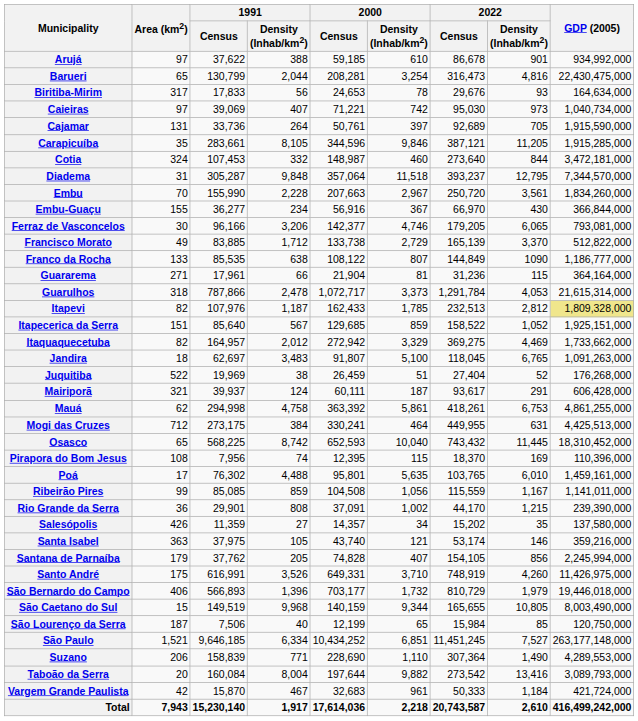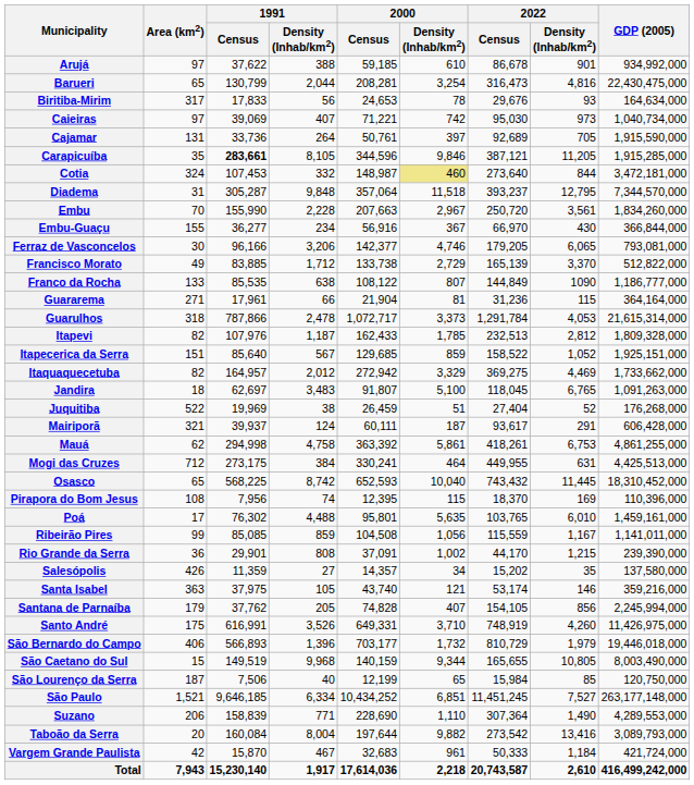 <table class="wikitable sortable mw-collapsible plainrowheaders" style="text-align:right; font-size: 95%;">
 <tr>
 <th scope="col" rowspan=2>Municipality</th>
 <th scope="col" rowspan=2>Area (km<sup>2</sup>)</th>
 <th scope="colgroup" colspan=2>1991</th>
 <th scope="colgroup" colspan=2>2000</th>
 <th scope="colgroup" colspan=2>2022</th>
 <th scope="col" rowspan=2><a href='#'>GDP</a> (2005)</th>
 </tr>
 <tr>
 <th scope="col">Census </th>
 <th scope="col">Density<br>(Inhab/km<sup>2</sup>)</th>
 <th scope="col">Census </th>
 <th scope="col">Density<br>(Inhab/km<sup>2</sup>)</th>
 <th scope="col">Census </th>
 <th scope="col">Density<br>(Inhab/km<sup>2</sup>)</th>
 </tr>
 <tr>
 <th scope="row"><a href='#'>Arujá</a></th>
 <td>97</td>
 <td>37,622</td>
 <td>388</td>
 <td>59,185</td>
 <td>610</td>
 <td>86,678</td>
 <td>901</td>
 <td>934,992,000</td>
 </tr>
 <tr>
 <th scope="row"><a href='#'>Barueri</a></th>
 <td>65</td>
 <td>130,799</td>
 <td>2,044</td>
 <td>208,281</td>
 <td>3,254</td>
 <td>316,473</td>
 <td>4,816</td>
 <td>22,430,475,000</td>
 </tr>
 <tr>
 <th scope="row"><a href='#'>Biritiba-Mirim</a></th>
 <td>317</td>
 <td>17,833</td>
 <td>56</td>
 <td>24,653</td>
 <td>78</td>
 <td>29,676</td>
 <td>93</td>
 <td>164,634,000</td>
 </tr>
 <tr>
 <th scope="row"><a href='#'>Caieiras</a></th>
 <td>97</td>
 <td>39,069</td>
 <td>407</td>
 <td>71,221</td>
 <td>742</td>
 <td>95,030</td>
 <td>973</td>
 <td>1,040,734,000</td>
 </tr>
 <tr>
 <th scope="row"><a href='#'>Cajamar</a></th>
 <td>131</td>
 <td>33,736</td>
 <td>264</td>
 <td>50,761</td>
 <td>397</td>
 <td>92,689</td>
 <td>705</td>
 <td>1,915,590,000</td>
 </tr>
 <tr>
 <th scope="row"><a href='#'>Carapicuíba</a></th>
 <td>35</td>
-<td>283,661</td>
+<td><strong>283,661</strong></td>
 <td>8,105</td>
 <td>344,596</td>
 <td>9,846</td>
 <td>387,121</td>
 <td>11,205</td>
 <td>1,915,285,000</td>
 </tr>
 <tr>
 <th scope="row"><a href='#'>Cotia</a></th>
 <td>324</td>
 <td>107,453</td>
 <td>332</td>
 <td>148,987</td>
-<td>460</td>
+<td style="background: khaki;">460</td>
 <td>273,640</td>
 <td>844</td>
 <td>3,472,181,000</td>
 </tr>
 <tr>
 <th scope="row"><a href='#'>Diadema</a></th>
 <td>31</td>
 <td>305,287</td>
 <td>9,848</td>
 <td>357,064</td>
 <td>11,518</td>
 <td>393,237</td>
 <td>12,795</td>
 <td>7,344,570,000</td>
 </tr>
 <tr>
 <th scope="row"><a href='#'>Embu</a></th>
 <td>70</td>
 <td>155,990</td>
 <td>2,228</td>
 <td>207,663</td>
 <td>2,967</td>
 <td>250,720</td>
 <td>3,561</td>
 <td>1,834,260,000</td>
 </tr>
 <tr>
 <th scope="row"><a href='#'>Embu-Guaçu</a></th>
 <td>155</td>
 <td>36,277</td>
 <td>234</td>
 <td>56,916</td>
 <td>367</td>
 <td>66,970</td>
 <td>430</td>
 <td>366,844,000</td>
 </tr>
 <tr>
 <th scope="row"><a href='#'>Ferraz de Vasconcelos</a></th>
 <td>30</td>
 <td>96,166</td>
 <td>3,206</td>
 <td>142,377</td>
 <td>4,746</td>
 <td>179,205</td>
 <td>6,065</td>
 <td>793,081,000</td>
 </tr>
 <tr>
 <th scope="row"><a href='#'>Francisco Morato</a></th>
 <td>49</td>
 <td>83,885</td>
 <td>1,712</td>
 <td>133,738</td>
 <td>2,729</td>
 <td>165,139</td>
 <td>3,370</td>
 <td>512,822,000</td>
 </tr>
 <tr>
 <th scope="row"><a href='#'>Franco da Rocha</a></th>
 <td>133</td>
 <td>85,535</td>
 <td>638</td>
 <td>108,122</td>
 <td>807</td>
 <td>144,849</td>
 <td>1090</td>
 <td>1,186,777,000</td>
 </tr>
 <tr>
 <th scope="row"><a href='#'>Guararema</a></th>
 <td>271</td>
 <td>17,961</td>
 <td>66</td>
 <td>21,904</td>
 <td>81</td>
 <td>31,236</td>
 <td>115</td>
 <td>364,164,000</td>
 </tr>
 <tr>
 <th scope="row"><a href='#'>Guarulhos</a></th>
 <td>318</td>
 <td>787,866</td>
 <td>2,478</td>
 <td>1,072,717</td>
 <td>3,373</td>
 <td>1,291,784</td>
 <td>4,053</td>
 <td>21,615,314,000</td>
 </tr>
 <tr>
 <th scope="row"><a href='#'>Itapevi</a></th>
 <td>82</td>
 <td>107,976</td>
 <td>1,187</td>
 <td>162,433</td>
 <td>1,785</td>
 <td>232,513</td>
 <td>2,812</td>
-<td style="background: khaki;">1,809,328,000</td>
+<td>1,809,328,000</td>
 </tr>
 <tr>
 <th scope="row"><a href='#'>Itapecerica da Serra</a></th>
 <td>151</td>
 <td>85,640</td>
 <td>567</td>
 <td>129,685</td>
 <td>859</td>
 <td>158,522</td>
 <td>1,052</td>
 <td>1,925,151,000</td>
 </tr>
 <tr>
 <th scope="row"><a href='#'>Itaquaquecetuba</a></th>
 <td>82</td>
 <td>164,957</td>
 <td>2,012</td>
 <td>272,942</td>
 <td>3,329</td>
 <td>369,275</td>
 <td>4,469</td>
 <td>1,733,662,000</td>
 </tr>
 <tr>
 <th scope="row"><a href='#'>Jandira</a></th>
 <td>18</td>
 <td>62,697</td>
 <td>3,483</td>
 <td>91,807</td>
 <td>5,100</td>
 <td>118,045</td>
 <td>6,765</td>
 <td>1,091,263,000</td>
 </tr>
 <tr>
 <th scope="row"><a href='#'>Juquitiba</a></th>
 <td>522</td>
 <td>19,969</td>
 <td>38</td>
 <td>26,459</td>
 <td>51</td>
 <td>27,404</td>
 <td>52</td>
 <td>176,268,000</td>
 </tr>
 <tr>
 <th scope="row"><a href='#'>Mairiporã</a></th>
 <td>321</td>
 <td>39,937</td>
 <td>124</td>
 <td>60,111</td>
 <td>187</td>
 <td>93,617</td>
 <td>291</td>
 <td>606,428,000</td>
 </tr>
 <tr>
 <th scope="row"><a href='#'>Mauá</a></th>
 <td>62</td>
 <td>294,998</td>
 <td>4,758</td>
 <td>363,392</td>
 <td>5,861</td>
 <td>418,261</td>
 <td>6,753</td>
 <td>4,861,255,000</td>
 </tr>
 <tr>
 <th scope="row"><a href='#'>Mogi das Cruzes</a></th>
 <td>712</td>
 <td>273,175</td>
 <td>384</td>
 <td>330,241</td>
 <td>464</td>
 <td>449,955</td>
 <td>631</td>
 <td>4,425,513,000</td>
 </tr>
 <tr>
 <th scope="row"><a href='#'>Osasco</a></th>
 <td>65</td>
 <td>568,225</td>
 <td>8,742</td>
 <td>652,593</td>
 <td>10,040</td>
 <td>743,432</td>
 <td>11,445</td>
 <td>18,310,452,000</td>
 </tr>
 <tr>
 <th scope="row"><a href='#'>Pirapora do Bom Jesus</a></th>
 <td>108</td>
 <td>7,956</td>
 <td>74</td>
 <td>12,395</td>
 <td>115</td>
 <td>18,370</td>
 <td>169</td>
 <td>110,396,000</td>
 </tr>
 <tr>
 <th scope="row"><a href='#'>Poá</a></th>
 <td>17</td>
 <td>76,302</td>
 <td>4,488</td>
 <td>95,801</td>
 <td>5,635</td>
 <td>103,765</td>
 <td>6,010</td>
 <td>1,459,161,000</td>
 </tr>
 <tr>
 <th scope="row"><a href='#'>Ribeirão Pires</a></th>
 <td>99</td>
 <td>85,085</td>
 <td>859</td>
 <td>104,508</td>
 <td>1,056</td>
 <td>115,559</td>
 <td>1,167</td>
 <td>1,141,011,000</td>
 </tr>
 <tr>
 <th scope="row"><a href='#'>Rio Grande da Serra</a></th>
 <td>36</td>
 <td>29,901</td>
 <td>808</td>
 <td>37,091</td>
 <td>1,002</td>
 <td>44,170</td>
 <td>1,215</td>
 <td>239,390,000</td>
 </tr>
 <tr>
 <th scope="row"><a href='#'>Salesópolis</a></th>
 <td>426</td>
 <td>11,359</td>
 <td>27</td>
 <td>14,357</td>
 <td>34</td>
 <td>15,202</td>
 <td>35</td>
 <td>137,580,000</td>
 </tr>
 <tr>
 <th scope="row"><a href='#'>Santa Isabel</a></th>
 <td>363</td>
 <td>37,975</td>
 <td>105</td>
 <td>43,740</td>
 <td>121</td>
 <td>53,174</td>
 <td>146</td>
 <td>359,216,000</td>
 </tr>
 <tr>
 <th scope="row"><a href='#'>Santana de Parnaíba</a></th>
 <td>179</td>
 <td>37,762</td>
 <td>205</td>
 <td>74,828</td>
 <td>407</td>
 <td>154,105</td>
 <td>856</td>
 <td>2,245,994,000</td>
 </tr>
 <tr>
 <th scope="row"><a href='#'>Santo André</a></th>
 <td>175</td>
 <td>616,991</td>
 <td>3,526</td>
 <td>649,331</td>
 <td>3,710</td>
 <td>748,919</td>
 <td>4,260</td>
 <td>11,426,975,000</td>
 </tr>
 <tr>
 <th scope="row"><a href='#'>São Bernardo do Campo</a></th>
 <td>406</td>
 <td>566,893</td>
 <td>1,396</td>
 <td>703,177</td>
 <td>1,732</td>
 <td>810,729</td>
 <td>1,979</td>
 <td>19,446,018,000</td>
 </tr>
 <tr>
 <th scope="row"><a href='#'>São Caetano do Sul</a></th>
 <td>15</td>
 <td>149,519</td>
 <td>9,968</td>
 <td>140,159</td>
 <td>9,344</td>
 <td>165,655</td>
 <td>10,805</td>
 <td>8,003,490,000</td>
 </tr>
 <tr>
 <th scope="row"><a href='#'>São Lourenço da Serra</a></th>
 <td>187</td>
 <td>7,506</td>
 <td>40</td>
 <td>12,199</td>
 <td>65</td>
 <td>15,984</td>
 <td>85</td>
 <td>120,750,000</td>
 </tr>
 <tr>
 <th scope="row"><a href='#'>São Paulo</a></th>
 <td>1,521</td>
 <td>9,646,185</td>
 <td>6,334</td>
 <td>10,434,252</td>
 <td>6,851</td>
 <td>11,451,245</td>
 <td>7,527</td>
 <td>263,177,148,000</td>
 </tr>
 <tr>
 <th scope="row"><a href='#'>Suzano</a></th>
 <td>206</td>
 <td>158,839</td>
 <td>771</td>
 <td>228,690</td>
 <td>1,110</td>
 <td>307,364</td>
 <td>1,490</td>
 <td>4,289,553,000</td>
 </tr>
 <tr>
 <th scope="row"><a href='#'>Taboão da Serra</a></th>
 <td>20</td>
 <td>160,084</td>
 <td>8,004</td>
 <td>197,644</td>
 <td>9,882</td>
 <td>273,542</td>
 <td>13,416</td>
 <td>3,089,793,000</td>
 </tr>
 <tr>
 <th scope="row"><a href='#'>Vargem Grande Paulista</a></th>
 <td>42</td>
 <td>15,870</td>
 <td>467</td>
 <td>32,683</td>
 <td>961</td>
 <td>50,333</td>
 <td>1,184</td>
 <td>421,724,000</td>
 </tr>
 <tr class="sortbottom" style="font-weight: bold">
 <th scope="row" style="text-align: right;"><strong>Total</strong></th>
 <td>7,943</td>
 <td>15,230,140</td>
 <td>1,917</td>
 <td>17,614,036</td>
 <td>2,218</td>
 <td>20,743,587</td>
 <td>2,610</td>
 <td>416,499,242,000</td>
 </tr>
 </table>
